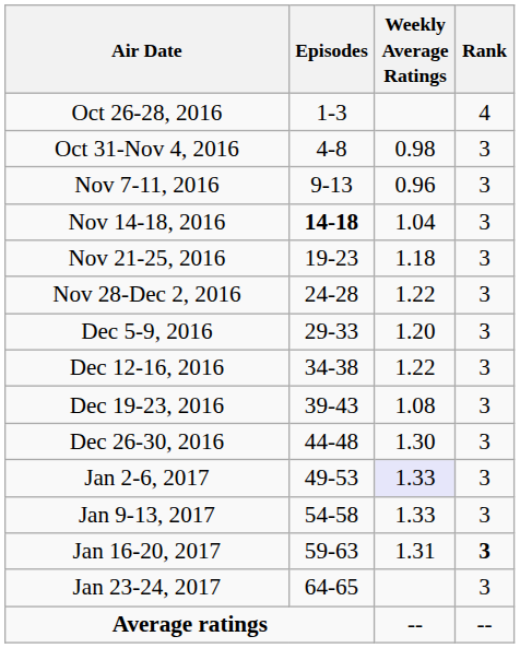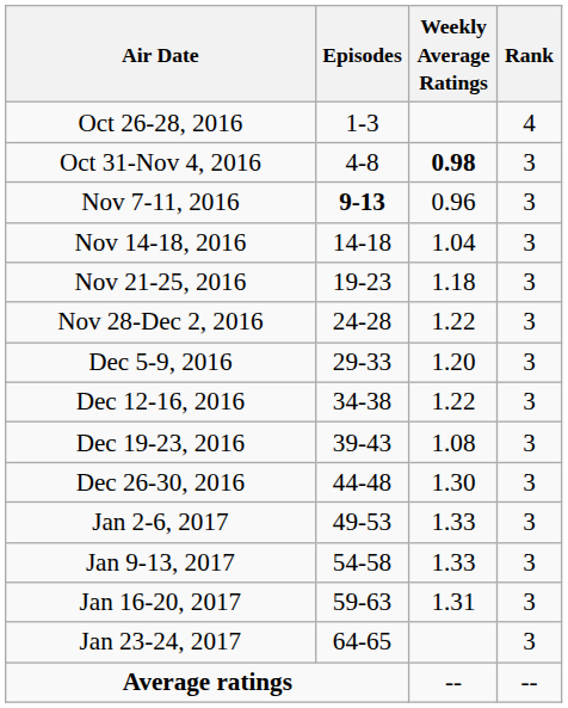 <table class="wikitable" style="text-align:center;width:40%;">
 <tr>
 <th width="50%"><small>Air Date</small></th>
 <th width="5%"><small>Episodes</small></th>
 <th width="6%"><small>Weekly Average Ratings</small></th>
 <th width="4%"><small>Rank</small></th>
 </tr>
 <tr>
 <td>Oct 26-28, 2016</td>
 <td>1-3</td>
 <td><strong></strong></td>
 <td>4</td>
 </tr>
 <tr>
 <td>Oct 31-Nov 4, 2016</td>
 <td>4-8</td>
-<td>0.98</td>
+<td><strong>0.98</strong></td>
 <td>3</td>
 </tr>
 <tr>
 <td>Nov 7-11, 2016</td>
-<td>9-13</td>
+<td><strong>9-13</strong></td>
 <td>0.96</td>
 <td>3</td>
 </tr>
 <tr>
 <td>Nov 14-18, 2016</td>
-<td><strong>14-18</strong></td>
+<td>14-18</td>
 <td>1.04</td>
 <td>3</td>
 </tr>
 <tr>
 <td>Nov 21-25, 2016</td>
 <td>19-23</td>
 <td>1.18</td>
 <td>3</td>
 </tr>
 <tr>
 <td>Nov 28-Dec 2, 2016</td>
 <td>24-28</td>
 <td>1.22</td>
 <td>3</td>
 </tr>
 <tr>
 <td>Dec 5-9, 2016</td>
 <td>29-33</td>
 <td>1.20</td>
 <td>3</td>
 </tr>
 <tr>
 <td>Dec 12-16, 2016</td>
 <td>34-38</td>
 <td>1.22</td>
 <td>3</td>
 </tr>
 <tr>
 <td>Dec 19-23, 2016</td>
 <td>39-43</td>
 <td>1.08</td>
 <td>3</td>
 </tr>
 <tr>
 <td>Dec 26-30, 2016</td>
 <td>44-48</td>
 <td>1.30</td>
 <td>3</td>
 </tr>
 <tr>
 <td>Jan 2-6, 2017</td>
 <td>49-53</td>
-<td style="background: lavender;">1.33</td>
+<td>1.33</td>
 <td>3</td>
 </tr>
 <tr>
 <td>Jan 9-13, 2017</td>
 <td>54-58</td>
 <td>1.33</td>
 <td>3</td>
 </tr>
 <tr>
 <td>Jan 16-20, 2017</td>
 <td>59-63</td>
 <td>1.31</td>
-<td><strong>3</strong></td>
+<td>3</td>
 </tr>
 <tr>
 <td>Jan 23-24, 2017</td>
 <td>64-65</td>
 <td><strong></strong></td>
 <td>3</td>
 </tr>
 <tr>
 <td colspan=2><strong>Average ratings</strong></td>
 <td>--</td>
 <td>--</td>
 </tr>
 </table>
